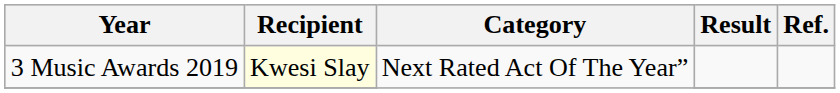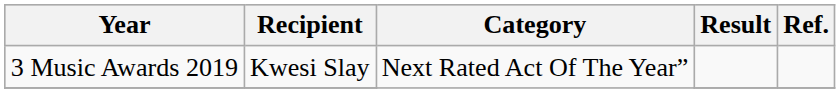 <table class="wikitable">
 <tr>
 <th>Year</th>
 <th>Recipient</th>
 <th>Category</th>
 <th>Result</th>
 <th>Ref.</th>
 </tr>
 <tr>
 <td>3 Music Awards 2019</td>
-<td style="background: lightyellow;">Kwesi Slay</td>
+<td>Kwesi Slay</td>
 <td rowspan="2">Next Rated Act Of The Year”</td>
 <td></td>
 <td></td>
 </tr>
 <tr>
 </tr>
 </table>
